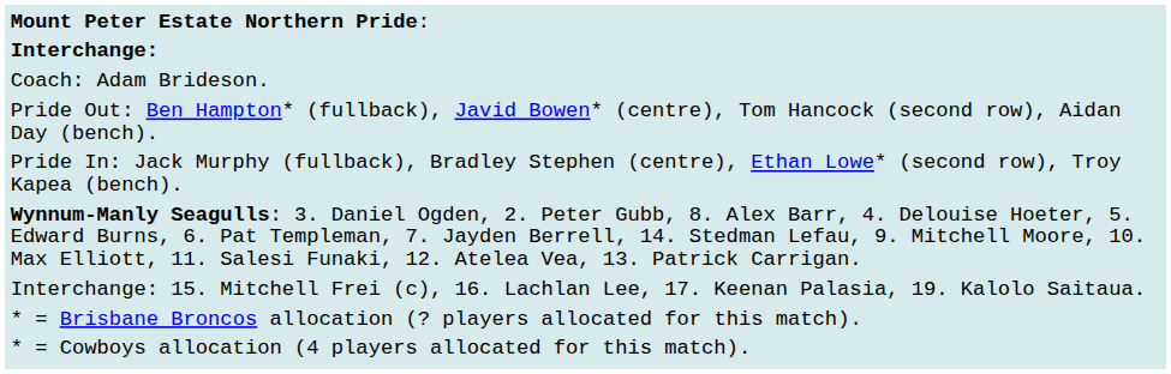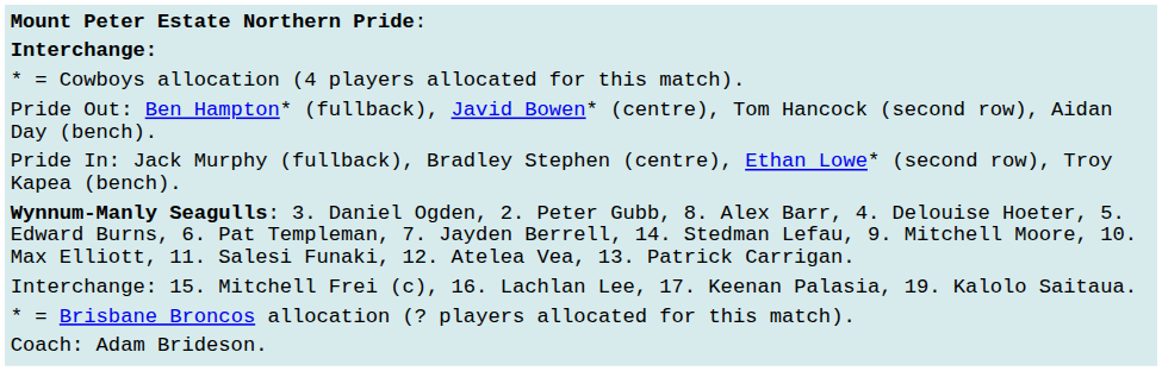 <table style="background:#d7ebed; font-size:85%; width:100%;">
 <tr>
 <td><strong>Mount Peter Estate Northern Pride</strong>:             </td>
 </tr>
 <tr>
 <td><strong>Interchange:    </strong></td>
 </tr>
 <tr>
-<td>Coach: Adam Brideson.</td>
+<td>* = Cowboys allocation (4 players allocated for this match).</td>
 </tr>
 <tr>
 <td>Pride Out: <a href='#'>Ben Hampton</a>* (fullback), <a href='#'>Javid Bowen</a>* (centre), Tom Hancock (second row), Aidan Day (bench).</td>
 </tr>
 <tr>
 <td>Pride In: Jack Murphy (fullback), Bradley Stephen (centre), <a href='#'>Ethan Lowe</a>* (second row), Troy Kapea (bench).</td>
 </tr>
 <tr>
 <td><strong>Wynnum-Manly Seagulls</strong>: 3. Daniel Ogden, 2. Peter Gubb, 8. Alex Barr, 4. Delouise Hoeter, 5. Edward Burns, 6. Pat Templeman, 7. Jayden Berrell, 14. Stedman Lefau, 9. Mitchell Moore, 10. Max Elliott, 11. Salesi Funaki, 12. Atelea Vea, 13. Patrick Carrigan.</td>
 </tr>
 <tr>
 <td>Interchange: 15. Mitchell Frei (c), 16. Lachlan Lee, 17. Keenan Palasia, 19. Kalolo Saitaua.</td>
 </tr>
 <tr>
 <td>* = <a href='#'>Brisbane Broncos</a> allocation (? players allocated for this match).</td>
 </tr>
 <tr>
-<td>* = Cowboys allocation (4 players allocated for this match).</td>
+<td>Coach: Adam Brideson.</td>
 </tr>
 <tr>
 </tr>
 </table>
